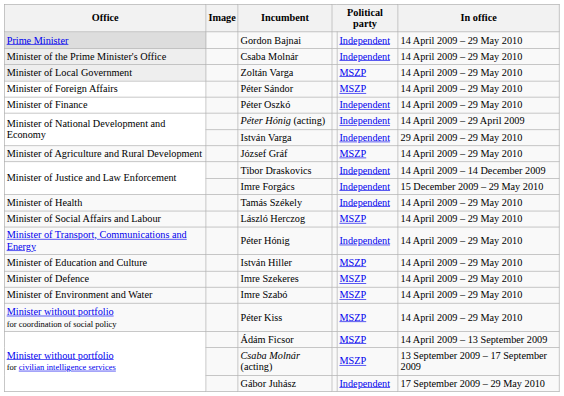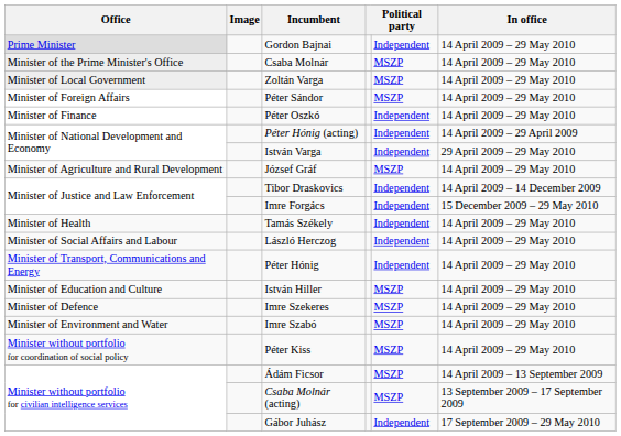 <table class="wikitable">
 <tr>
 <th>Office</th>
 <th>Image</th>
 <th>Incumbent</th>
 <th colspan="2">Political party</th>
 <th>In office</th>
 </tr>
 <tr>
 <td style="background:#ddd;"><a href='#'>Prime Minister</a></td>
 <td></td>
 <td>Gordon Bajnai</td>
 <td style="background-color: "></td>
 <td><a href='#'>Independent</a></td>
 <td>14 April 2009 – 29 May 2010</td>
 </tr>
 <tr>
 <td style="background:#eee;">Minister of the Prime Minister's Office</td>
 <td></td>
 <td>Csaba Molnár</td>
 <td style="background-color: "></td>
-<td><a href='#'>Independent</a></td>
+<td><a href='#'>MSZP</a></td>
 <td>14 April 2009 – 29 May 2010</td>
 </tr>
 <tr>
 <td style="background:#eee;">Minister of Local Government</td>
 <td></td>
 <td>Zoltán Varga</td>
 <td style="background-color: "></td>
 <td><a href='#'>MSZP</a></td>
 <td>14 April 2009 – 29 May 2010</td>
 </tr>
 <tr>
 <td style="background:#fff;">Minister of Foreign Affairs</td>
 <td></td>
 <td>Péter Sándor</td>
 <td style="background-color: "></td>
 <td><a href='#'>MSZP</a></td>
 <td>14 April 2009 – 29 May 2010</td>
 </tr>
 <tr>
 <td style="background:#fff;">Minister of Finance</td>
 <td></td>
 <td>Péter Oszkó</td>
 <td style="background-color: "></td>
 <td><a href='#'>Independent</a></td>
 <td>14 April 2009 – 29 May 2010</td>
 </tr>
 <tr>
 <td rowspan="2" style="background:#fff;">Minister of National Development and Economy</td>
 <td></td>
 <td><em>Péter Hónig</em> (acting)</td>
 <td style="background-color: "></td>
 <td><a href='#'>Independent</a></td>
 <td>14 April 2009 – 29 April 2009</td>
 </tr>
 <tr>
 <td></td>
 <td>István Varga</td>
 <td style="background-color: "></td>
 <td><a href='#'>Independent</a></td>
 <td>29 April 2009 – 29 May 2010</td>
 </tr>
 <tr>
 <td>Minister of Agriculture and Rural Development</td>
 <td></td>
 <td>József Gráf</td>
 <td style="background-color: "></td>
 <td><a href='#'>MSZP</a></td>
 <td>14 April 2009 – 29 May 2010</td>
 </tr>
 <tr>
 <td rowspan="2" style="background:#fff;">Minister of Justice and Law Enforcement</td>
 <td></td>
 <td>Tibor Draskovics</td>
 <td style="background-color: "></td>
 <td><a href='#'>Independent</a></td>
 <td>14 April 2009 – 14 December 2009</td>
 </tr>
 <tr>
 <td></td>
 <td>Imre Forgács</td>
 <td style="background-color: "></td>
 <td><a href='#'>Independent</a></td>
 <td>15 December 2009 – 29 May 2010</td>
 </tr>
 <tr>
 <td>Minister of Health</td>
 <td></td>
 <td>Tamás Székely</td>
 <td style="background-color: "></td>
 <td><a href='#'>Independent</a></td>
 <td>14 April 2009 – 29 May 2010</td>
 </tr>
 <tr>
 <td>Minister of Social Affairs and Labour</td>
 <td></td>
 <td>László Herczog</td>
 <td style="background-color: "></td>
-<td><a href='#'>MSZP</a></td>
+<td><a href='#'>Independent</a></td>
 <td>14 April 2009 – 29 May 2010</td>
 </tr>
 <tr>
 <td><a href='#'>Minister of Transport, Communications and Energy</a></td>
 <td></td>
 <td>Péter Hónig</td>
 <td style="background-color: "></td>
 <td><a href='#'>Independent</a></td>
 <td>14 April 2009 – 29 May 2010</td>
 </tr>
 <tr>
 <td>Minister of Education and Culture</td>
 <td></td>
 <td>István Hiller</td>
 <td style="background-color: "></td>
 <td><a href='#'>MSZP</a></td>
 <td>14 April 2009 – 29 May 2010</td>
 </tr>
 <tr>
 <td>Minister of Defence</td>
 <td></td>
 <td>Imre Szekeres</td>
 <td style="background-color: "></td>
 <td><a href='#'>MSZP</a></td>
 <td>14 April 2009 – 29 May 2010</td>
 </tr>
 <tr>
 <td>Minister of Environment and Water</td>
 <td></td>
 <td>Imre Szabó</td>
 <td style="background-color: "></td>
 <td><a href='#'>MSZP</a></td>
 <td>14 April 2009 – 29 May 2010</td>
 </tr>
 <tr>
 <td><a href='#'>Minister without portfolio</a><br><small>for coordination of social policy</small></td>
 <td></td>
 <td>Péter Kiss</td>
 <td style="background-color: "></td>
 <td><a href='#'>MSZP</a></td>
 <td>14 April 2009 – 29 May 2010</td>
 </tr>
 <tr>
 <td rowspan="3" style="background:#fff;"><a href='#'>Minister without portfolio</a><br><small>for <a href='#'>civilian intelligence services</a></small></td>
 <td></td>
 <td>Ádám Ficsor</td>
 <td style="background-color: "></td>
 <td><a href='#'>MSZP</a></td>
 <td>14 April 2009 – 13 September 2009</td>
 </tr>
 <tr>
 <td></td>
 <td><em>Csaba Molnár</em> (acting)</td>
 <td style="background-color: "></td>
 <td><a href='#'>MSZP</a></td>
 <td>13 September 2009 – 17 September 2009</td>
 </tr>
 <tr>
 <td></td>
 <td>Gábor Juhász</td>
 <td style="background-color: "></td>
 <td><a href='#'>Independent</a></td>
 <td>17 September 2009 – 29 May 2010</td>
 </tr>
 </table>
